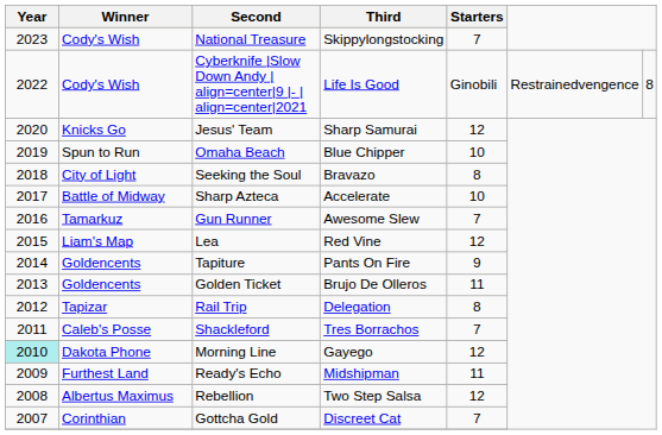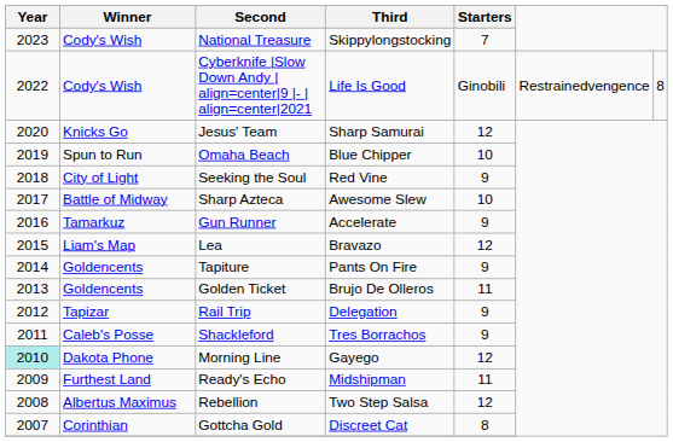 <table class = "wikitable sortable" | border="1" cellpadding="0" style="border-collapse: collapse; font-size:90%">
 <tr bgcolor="#DACAA5" align="center">
 <th width="48px"><strong>Year</strong></th>
 <th width="130px"><strong>Winner</strong></th>
 <th width="125px"><strong>Second</strong></th>
 <th width="120px"><strong>Third</strong></th>
 <th width="55px"><strong>Starters</strong></th>
 </tr>
 <tr>
 <td align=center>2023</td>
 <td><a href='#'>Cody's Wish</a></td>
 <td><a href='#'>National Treasure</a></td>
 <td>Skippylongstocking</td>
 <td align=center>7</td>
 </tr>
 <tr>
 <td align=center>2022</td>
 <td><a href='#'>Cody's Wish</a></td>
 <td><a href='#'>Cyberknife  |Slow Down Andy | align=center|9 |- | align=center|2021</a></td>
 <td><a href='#'>Life Is Good</a></td>
 <td>Ginobili</td>
 <td>Restrainedvengence</td>
 <td align=center>8</td>
 </tr>
 <tr>
 <td align=center>2020</td>
 <td><a href='#'>Knicks Go</a></td>
 <td>Jesus' Team</td>
 <td>Sharp Samurai</td>
 <td align=center>12</td>
 </tr>
 <tr>
 <td align=center>2019</td>
 <td>Spun to Run</td>
 <td><a href='#'>Omaha Beach</a></td>
 <td>Blue Chipper</td>
 <td align=center>10</td>
 </tr>
 <tr>
 <td align=center>2018</td>
 <td><a href='#'>City of Light</a></td>
 <td>Seeking the Soul</td>
-<td>Bravazo</td>
-<td align=center>8</td>
+<td>Red Vine</td>
+<td align=center>9</td>
 </tr>
 <tr>
 <td align=center>2017</td>
 <td><a href='#'>Battle of Midway</a></td>
 <td>Sharp Azteca</td>
-<td>Accelerate</td>
+<td>Awesome Slew</td>
 <td align=center>10</td>
 </tr>
 <tr>
 <td align=center>2016</td>
 <td><a href='#'>Tamarkuz</a></td>
 <td><a href='#'>Gun Runner</a></td>
-<td>Awesome Slew</td>
-<td align=center>7</td>
+<td>Accelerate</td>
+<td align=center>9</td>
 </tr>
 <tr>
 <td align=center>2015</td>
 <td><a href='#'>Liam's Map</a></td>
 <td>Lea</td>
-<td>Red Vine</td>
+<td>Bravazo</td>
 <td align=center>12</td>
 </tr>
 <tr>
 <td align=center>2014</td>
 <td><a href='#'>Goldencents</a></td>
 <td>Tapiture</td>
 <td>Pants On Fire</td>
 <td align=center>9</td>
 </tr>
 <tr>
 <td align=center>2013</td>
 <td><a href='#'>Goldencents</a></td>
 <td>Golden Ticket</td>
 <td>Brujo De Olleros</td>
 <td align=center>11</td>
 </tr>
 <tr>
 <td align=center>2012</td>
 <td><a href='#'>Tapizar</a></td>
 <td><a href='#'>Rail Trip</a></td>
 <td><a href='#'>Delegation</a></td>
-<td align=center>8</td>
+<td align=center>9</td>
 </tr>
 <tr>
 <td align=center>2011</td>
 <td><a href='#'>Caleb's Posse</a></td>
 <td><a href='#'>Shackleford</a></td>
 <td><a href='#'>Tres Borrachos</a></td>
-<td align=center>7</td>
+<td align=center>9</td>
 </tr>
 <tr>
 <td align=center style="background: paleturquoise;">2010</td>
 <td><a href='#'>Dakota Phone</a></td>
 <td>Morning Line</td>
 <td>Gayego</td>
 <td align=center>12</td>
 </tr>
 <tr>
 <td align=center>2009</td>
 <td><a href='#'>Furthest Land</a></td>
 <td>Ready's Echo</td>
 <td><a href='#'>Midshipman</a></td>
 <td align=center>11</td>
 </tr>
 <tr>
 <td align=center>2008</td>
 <td><a href='#'>Albertus Maximus</a></td>
 <td>Rebellion</td>
 <td>Two Step Salsa</td>
 <td align=center>12</td>
 </tr>
 <tr>
 <td align=center>2007</td>
 <td><a href='#'>Corinthian</a></td>
 <td>Gottcha Gold</td>
 <td><a href='#'>Discreet Cat</a></td>
-<td align=center>7</td>
+<td align=center>8</td>
 </tr>
 <tr>
 </tr>
 </table>
